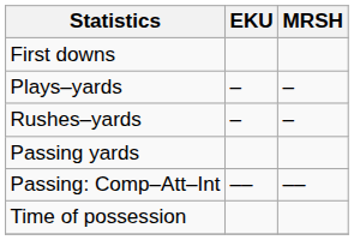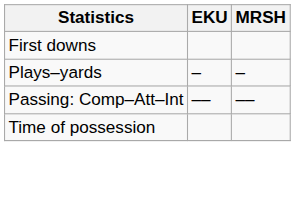 <table class="wikitable" style="float: left;">
 <tr>
 <th>Statistics</th>
 <th>EKU</th>
 <th>MRSH</th>
 </tr>
 <tr>
 <td>First downs</td>
 <td></td>
 <td></td>
 </tr>
 <tr>
 <td>Plays–yards</td>
 <td>–</td>
 <td>–</td>
 </tr>
 <tr>
-<td>Rushes–yards</td>
-<td>–</td>
-<td>–</td>
-</tr>
-<tr>
-<td>Passing yards</td>
-<td></td>
-<td></td>
-</tr>
-<tr>
 <td>Passing: Comp–Att–Int</td>
 <td>––</td>
 <td>––</td>
 </tr>
 <tr>
 <td>Time of possession</td>
 <td></td>
 <td></td>
 </tr>
 <tr>
 </tr>
 </table>
